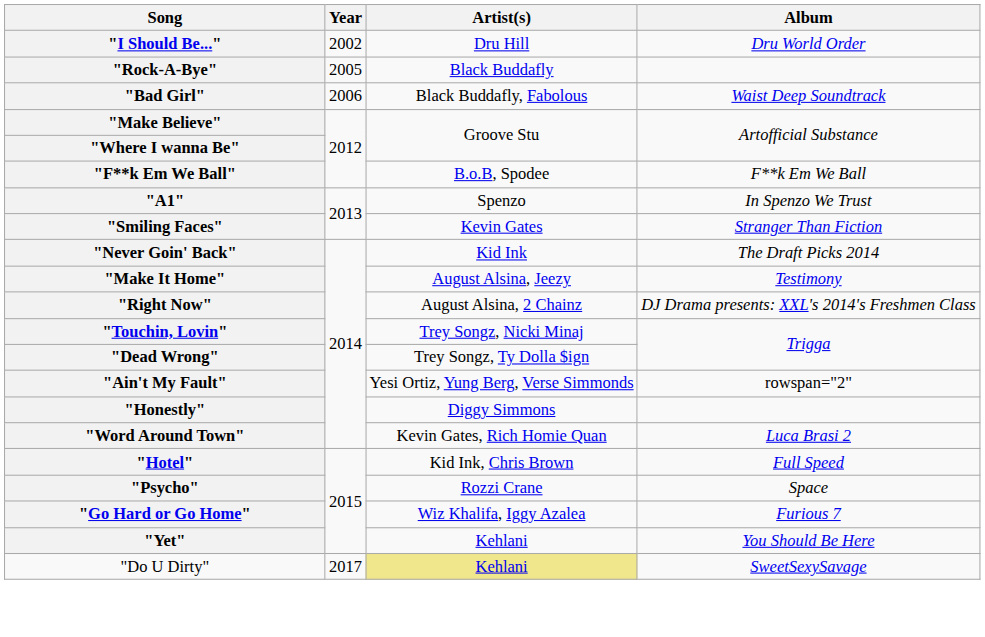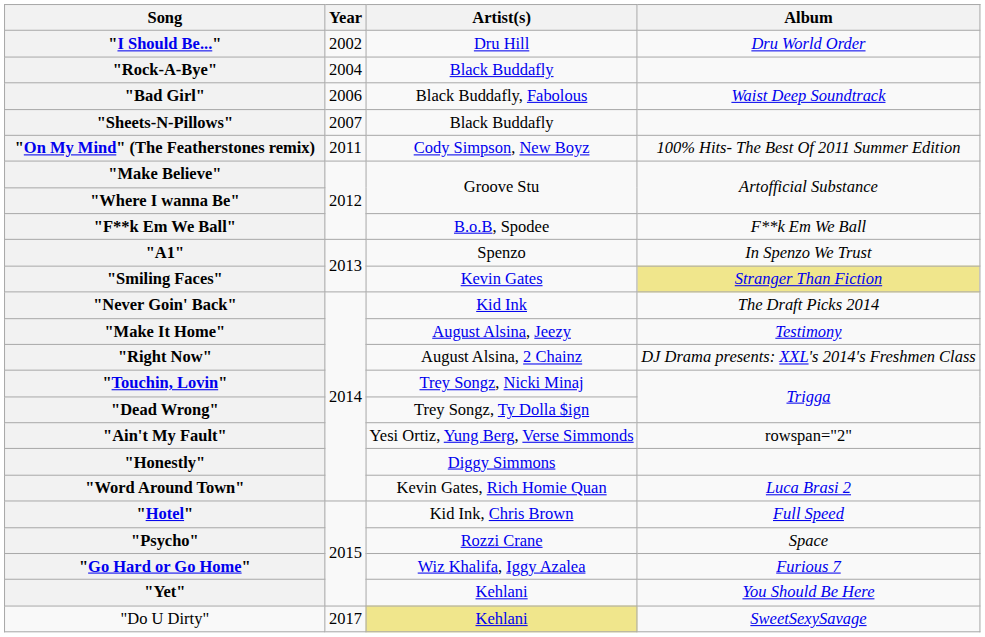 <table class="wikitable plainrowheaders" style="text-align:center;">
 <tr>
 <th scope="col" style="width:19em;">Song</th>
 <th scope="col">Year</th>
 <th scope="col">Artist(s)</th>
 <th scope="col">Album</th>
 </tr>
 <tr>
 <th scope="row">"<a href='#'>I Should Be...</a>"</th>
 <td>2002</td>
 <td><a href='#'>Dru Hill</a></td>
 <td><em><a href='#'>Dru World Order</a></em></td>
 </tr>
 <tr>
 <th scope="row">"Rock-A-Bye"</th>
-<td>2005</td>
+<td>2004</td>
 <td><a href='#'>Black Buddafly</a></td>
 <td></td>
 </tr>
 <tr>
 <th scope="Row">"Bad Girl"</th>
 <td>2006</td>
 <td>Black Buddafly, <a href='#'>Fabolous</a></td>
 <td><em><a href='#'>Waist Deep Soundtrack</a></em></td>
+</tr>
+<tr>
+<th scope="row">"Sheets-N-Pillows"</th>
+<td>2007</td>
+<td>Black Buddafly</td>
+<td></td>
+</tr>
+<tr>
+<th scope="row">"<a href='#'>On My Mind</a>" (The Featherstones remix)</th>
+<td>2011</td>
+<td><a href='#'>Cody Simpson</a>, <a href='#'>New Boyz</a></td>
+<td><em>100% Hits- The Best Of 2011 Summer Edition</em></td>
 </tr>
 <tr>
 <th scope="row">"Make Believe"</th>
 <td Rowspan="3">2012</td>
 <td rowspan="2">Groove Stu</td>
 <td Rowspan="2"><em>Artofficial Substance</em></td>
 </tr>
 <tr>
 <th scope="row">"Where I wanna Be"</th>
 </tr>
 <tr>
 <th scope="row">"F**k Em We Ball"</th>
 <td><a href='#'>B.o.B</a>, Spodee</td>
 <td><em>F**k Em We Ball</em></td>
 </tr>
 <tr>
 <th scope="row">"A1"</th>
 <td Rowspan="2">2013</td>
 <td>Spenzo</td>
 <td><em>In Spenzo We Trust</em></td>
 </tr>
 <tr>
 <th scope="row">"Smiling Faces"</th>
 <td><a href='#'>Kevin Gates</a></td>
-<td><em><a href='#'>Stranger Than Fiction</a></em></td>
+<td style="background: khaki;"><em><a href='#'>Stranger Than Fiction</a></em></td>
 </tr>
 <tr>
 <th scope="row">"Never Goin' Back"</th>
 <td Rowspan="8">2014</td>
 <td><a href='#'>Kid Ink</a></td>
 <td><em>The Draft Picks 2014</em></td>
 </tr>
 <tr>
 <th scope="row">"Make It Home"</th>
 <td><a href='#'>August Alsina</a>, <a href='#'>Jeezy</a></td>
 <td><em><a href='#'>Testimony</a></em></td>
 </tr>
 <tr>
 <th scope="row">"Right Now"</th>
 <td>August Alsina, <a href='#'>2 Chainz</a></td>
 <td><em>DJ Drama presents: <a href='#'>XXL</a>'s 2014's Freshmen Class</em></td>
 </tr>
 <tr>
 <th scope="row">"<a href='#'>Touchin, Lovin</a>"</th>
 <td><a href='#'>Trey Songz</a>, <a href='#'>Nicki Minaj</a></td>
 <td Rowspan="2"><em><a href='#'>Trigga</a></em></td>
 </tr>
 <tr>
 <th scope="row">"Dead Wrong"</th>
 <td>Trey Songz, <a href='#'>Ty Dolla $ign</a></td>
 </tr>
 <tr>
 <th scope="row">"Ain't My Fault"</th>
 <td>Yesi Ortiz, <a href='#'>Yung Berg</a>, <a href='#'>Verse Simmonds</a></td>
 <td>rowspan="2" </td>
 </tr>
 <tr>
 <th scope="Row">"Honestly"</th>
 <td><a href='#'>Diggy Simmons</a></td>
 </tr>
 <tr>
 <th scope="row">"Word Around Town"</th>
 <td>Kevin Gates, <a href='#'>Rich Homie Quan</a></td>
 <td><em><a href='#'>Luca Brasi 2</a></em></td>
 </tr>
 <tr>
 <th scope="row">"<a href='#'>Hotel</a>"</th>
 <td Rowspan="4">2015</td>
 <td>Kid Ink, <a href='#'>Chris Brown</a></td>
 <td><em><a href='#'>Full Speed</a></em></td>
 </tr>
 <tr>
 <th scope="row">"Psycho"</th>
 <td><a href='#'>Rozzi Crane</a></td>
 <td><em>Space</em></td>
 </tr>
 <tr>
 <th scope="row">"<a href='#'>Go Hard or Go Home</a>"</th>
 <td><a href='#'>Wiz Khalifa</a>, <a href='#'>Iggy Azalea</a></td>
 <td><em><a href='#'>Furious 7</a></em></td>
 </tr>
 <tr>
 <th scope="row">"Yet"</th>
 <td><a href='#'>Kehlani</a></td>
 <td><em><a href='#'>You Should Be Here</a></em></td>
 </tr>
 <tr>
 <td scope="row">"Do U Dirty"</td>
 <td Rowspan="1">2017</td>
 <td style="background: khaki;"><a href='#'>Kehlani</a></td>
 <td><em><a href='#'>SweetSexySavage</a></em></td>
 </tr>
 </table>
